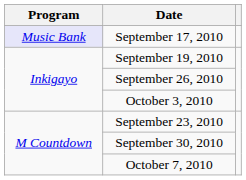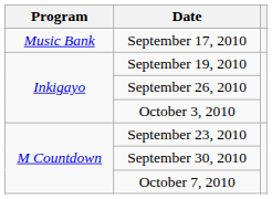 <table class="wikitable" style="text-align:center">
 <tr>
 <th width="110">Program</th>
 <th width="150">Date</th>
 <th></th>
 </tr>
 <tr>
-<td style="background: lavender;"><em><a href='#'>Music Bank</a></em></td>
+<td><em><a href='#'>Music Bank</a></em></td>
 <td>September 17, 2010</td>
 <td></td>
 </tr>
 <tr>
 <td rowspan="3"><em><a href='#'>Inkigayo</a></em></td>
 <td>September 19, 2010</td>
 <td rowspan="3"></td>
 </tr>
 <tr>
 <td>September 26, 2010</td>
 </tr>
 <tr>
 <td>October 3, 2010</td>
 </tr>
 <tr>
 <td rowspan="3"><em><a href='#'>M Countdown</a></em></td>
 <td>September 23, 2010</td>
 <td rowspan="3"></td>
 </tr>
 <tr>
 <td>September 30, 2010</td>
 </tr>
 <tr>
 <td>October 7, 2010</td>
 </tr>
 </table>
